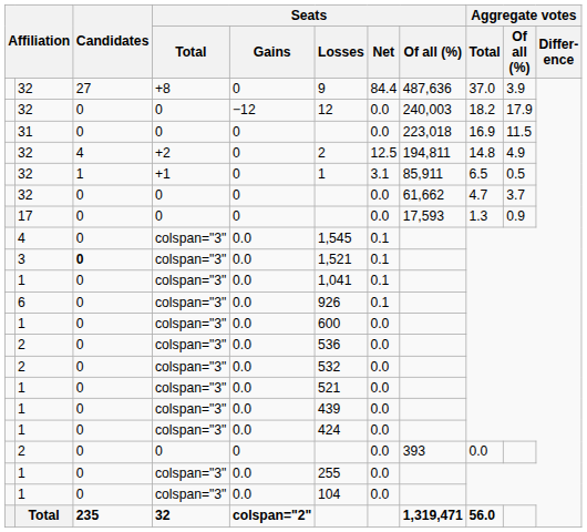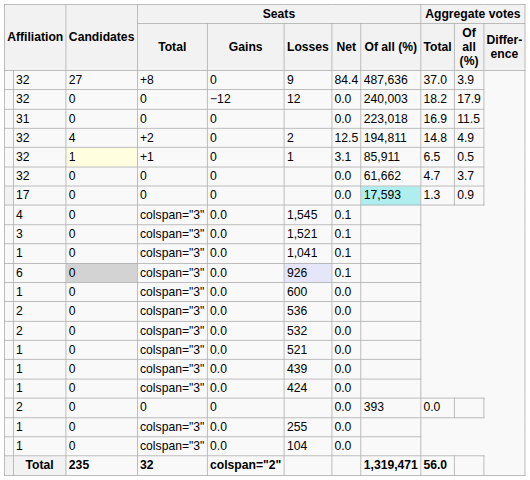 <table class="wikitable sortable defaultright col2left" font-size:95%;">
 <tr>
 <th colspan="2" rowspan="2">Affiliation</th>
 <th rowspan="2">Candidates</th>
 <th colspan="5">Seats</th>
 <th colspan="3">Aggregate votes</th>
 </tr>
 <tr>
 <th>Total</th>
 <th>Gains</th>
 <th>Losses</th>
 <th>Net</th>
 <th>Of all (%)</th>
 <th>Total</th>
 <th>Of all (%)</th>
 <th>Differ­ence</th>
 </tr>
 <tr>
 <td></td>
 <td>32</td>
 <td>27</td>
 <td>+8</td>
 <td>0</td>
 <td> 9</td>
 <td>84.4</td>
 <td>487,636</td>
 <td>37.0</td>
 <td> 3.9</td>
 </tr>
 <tr>
 <td></td>
 <td>32</td>
 <td>0</td>
 <td>0</td>
 <td>−12</td>
 <td> 12</td>
 <td>0.0</td>
 <td>240,003</td>
 <td>18.2</td>
 <td> 17.9</td>
 </tr>
 <tr>
 <td></td>
 <td>31</td>
 <td>0</td>
 <td>0</td>
 <td>0</td>
 <td></td>
 <td>0.0</td>
 <td>223,018</td>
 <td>16.9</td>
 <td> 11.5</td>
 </tr>
 <tr>
 <td></td>
 <td>32</td>
 <td>4</td>
 <td>+2</td>
 <td>0</td>
 <td> 2</td>
 <td>12.5</td>
 <td>194,811</td>
 <td>14.8</td>
 <td> 4.9</td>
 </tr>
 <tr>
 <td></td>
 <td>32</td>
-<td>1</td>
+<td style="background: lightyellow;">1</td>
 <td>+1</td>
 <td>0</td>
 <td> 1</td>
 <td>3.1</td>
 <td>85,911</td>
 <td>6.5</td>
 <td> 0.5</td>
 </tr>
 <tr>
 <td></td>
 <td>32</td>
 <td>0</td>
 <td>0</td>
 <td>0</td>
 <td></td>
 <td>0.0</td>
 <td>61,662</td>
 <td>4.7</td>
 <td> 3.7</td>
 </tr>
 <tr>
 <th></th>
 <td>17</td>
 <td>0</td>
 <td>0</td>
 <td>0</td>
 <td></td>
 <td>0.0</td>
-<td>17,593</td>
+<td style="background: paleturquoise;">17,593</td>
 <td>1.3</td>
 <td> 0.9</td>
 </tr>
 <tr>
 <td></td>
 <td>4</td>
 <td>0</td>
 <td>colspan="3"   </td>
 <td>0.0</td>
 <td>1,545</td>
 <td>0.1</td>
 <td></td>
 </tr>
 <tr>
 <td></td>
 <td>3</td>
-<td><strong>0</strong></td>
+<td>0</td>
 <td>colspan="3"   </td>
 <td>0.0</td>
 <td>1,521</td>
 <td>0.1</td>
 <td></td>
 </tr>
 <tr>
 <td></td>
 <td>1</td>
 <td>0</td>
 <td>colspan="3"   </td>
 <td>0.0</td>
 <td>1,041</td>
 <td>0.1</td>
 <td></td>
 </tr>
 <tr>
 <td></td>
 <td>6</td>
-<td>0</td>
+<td style="background: lightgrey;">0</td>
 <td>colspan="3"   </td>
 <td>0.0</td>
-<td>926</td>
+<td style="background: lavender;">926</td>
 <td>0.1</td>
 <td></td>
 </tr>
 <tr>
 <td></td>
 <td>1</td>
 <td>0</td>
 <td>colspan="3"   </td>
 <td>0.0</td>
 <td>600</td>
 <td>0.0</td>
 <td></td>
 </tr>
 <tr>
 <td></td>
 <td>2</td>
 <td>0</td>
 <td>colspan="3"   </td>
 <td>0.0</td>
 <td>536</td>
 <td>0.0</td>
 <td></td>
 </tr>
 <tr>
 <td></td>
 <td>2</td>
 <td>0</td>
 <td>colspan="3"   </td>
 <td>0.0</td>
 <td>532</td>
 <td>0.0</td>
 <td></td>
 </tr>
 <tr>
 <td></td>
 <td>1</td>
 <td>0</td>
 <td>colspan="3"   </td>
 <td>0.0</td>
 <td>521</td>
 <td>0.0</td>
 <td></td>
 </tr>
 <tr>
 <td></td>
 <td>1</td>
 <td>0</td>
 <td>colspan="3"   </td>
 <td>0.0</td>
 <td>439</td>
 <td>0.0</td>
 <td></td>
 </tr>
 <tr>
 <td></td>
 <td>1</td>
 <td>0</td>
 <td>colspan="3"   </td>
 <td>0.0</td>
 <td>424</td>
 <td>0.0</td>
 <td></td>
 </tr>
 <tr>
 <td></td>
 <td>2</td>
 <td>0</td>
 <td>0</td>
 <td>0</td>
 <td></td>
 <td>0.0</td>
 <td>393</td>
 <td>0.0</td>
 <td></td>
 </tr>
 <tr>
 <td></td>
 <td>1</td>
 <td>0</td>
 <td>colspan="3"   </td>
 <td>0.0</td>
 <td>255</td>
 <td>0.0</td>
 <td></td>
 </tr>
 <tr>
 <td></td>
 <td>1</td>
 <td>0</td>
 <td>colspan="3"   </td>
 <td>0.0</td>
 <td>104</td>
 <td>0.0</td>
 <td></td>
 </tr>
 <tr class="sortbottom" style="font-weight:bold;">
 <td style="background-color:#f2f2f2;"></td>
 <th scope="row" style="background-color:#f2f2f2;">Total</th>
 <td>235</td>
 <td>32</td>
 <td>colspan="2"   </td>
 <td></td>
 <td></td>
 <td>1,319,471</td>
 <td>56.0</td>
 <td></td>
 </tr>
 </table>
